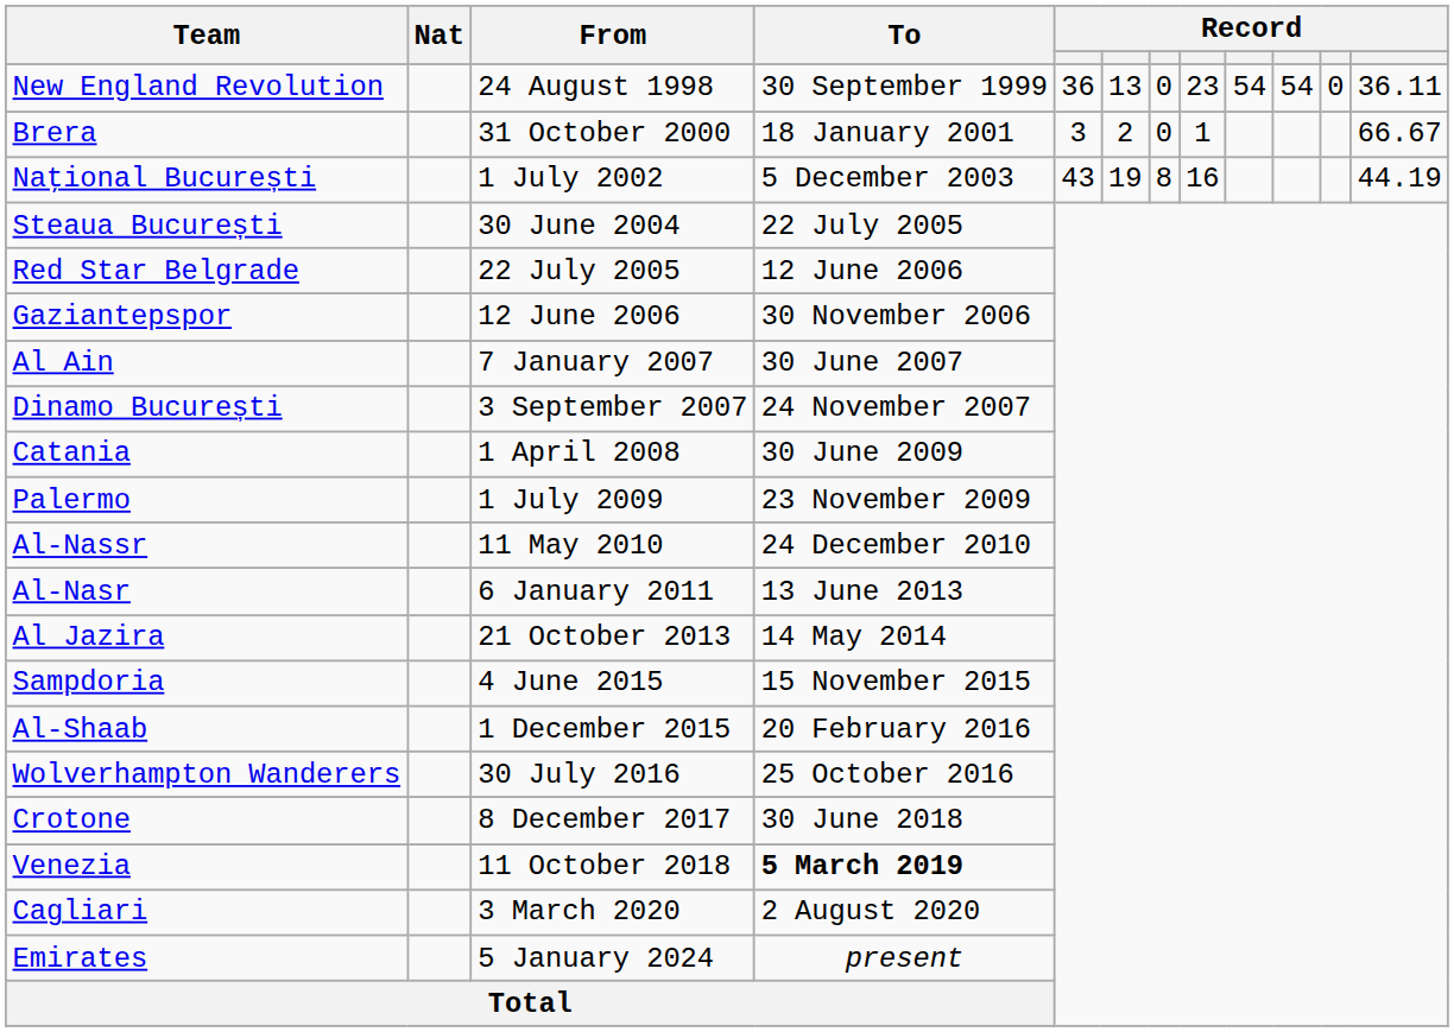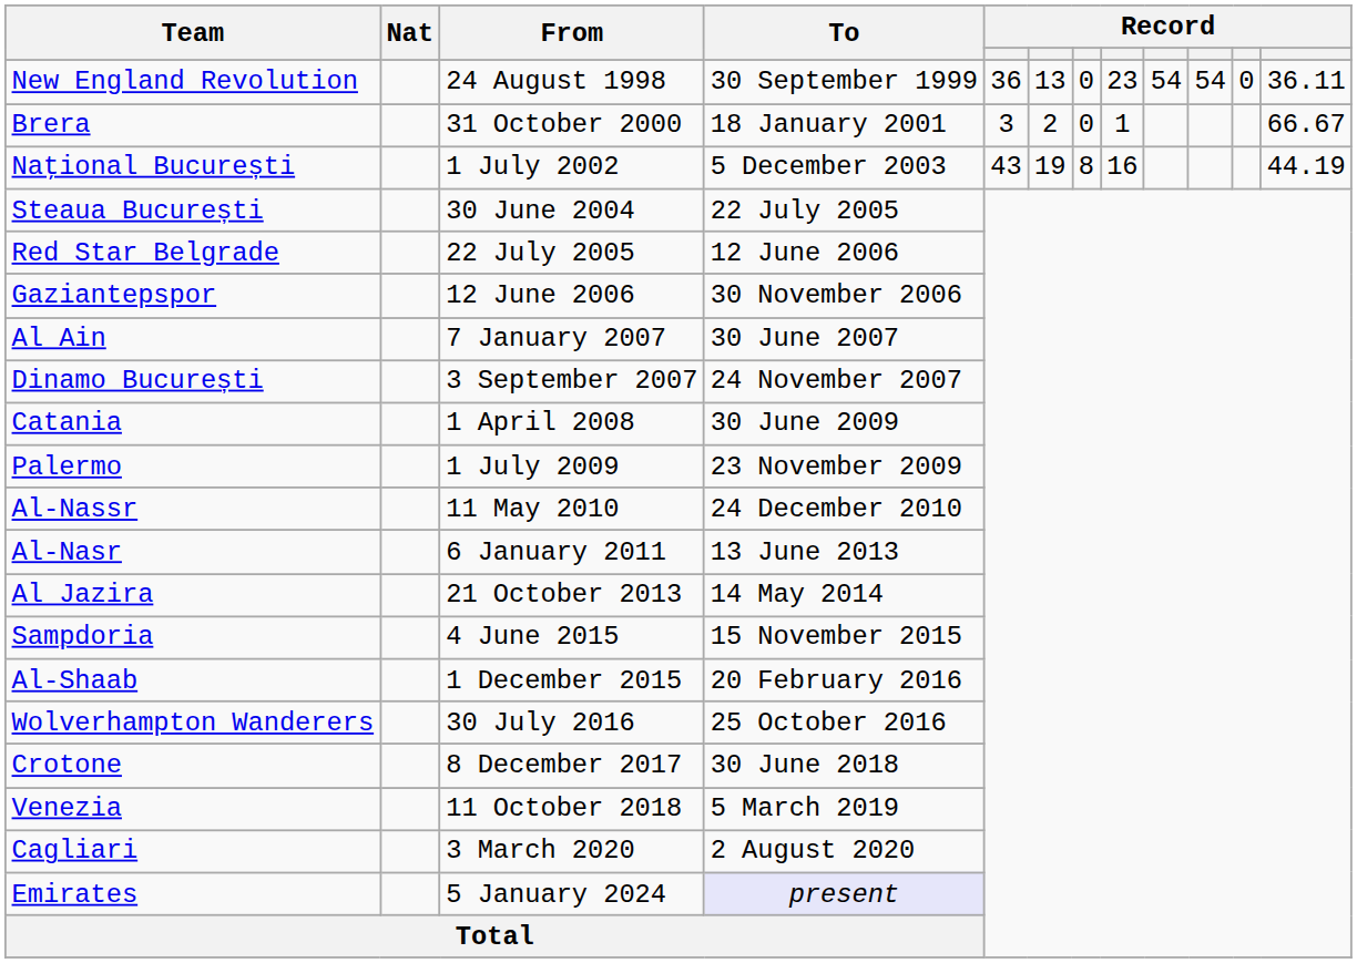 <table class="wikitable" style="text-align:center">
 <tr>
 <th rowspan="2">Team</th>
 <th rowspan="2">Nat</th>
 <th rowspan="2">From</th>
 <th rowspan="2">To</th>
 <th colspan="9">Record</th>
 </tr>
 <tr>
 <th></th>
 <th></th>
 <th></th>
 <th></th>
 <th></th>
 <th></th>
 <th></th>
 <th></th>
 </tr>
 <tr>
 <td align=left><a href='#'>New England Revolution</a></td>
 <td></td>
 <td align=left>24 August 1998</td>
 <td align=left>30 September 1999</td>
 <td>36</td>
 <td>13</td>
 <td>0 </td>
 <td>23</td>
 <td>54</td>
 <td>54</td>
 <td>0</td>
 <td>36.11</td>
 </tr>
 <tr>
 <td align=left><a href='#'>Brera</a></td>
 <td></td>
 <td align=left>31 October 2000</td>
 <td align=left>18 January 2001</td>
 <td>3</td>
 <td>2</td>
 <td>0</td>
 <td>1</td>
 <td></td>
 <td></td>
 <td></td>
 <td>66.67</td>
 </tr>
 <tr>
 <td align=left><a href='#'>Naţional București</a></td>
 <td></td>
 <td align=left>1 July 2002</td>
 <td align=left>5 December 2003</td>
 <td>43</td>
 <td>19</td>
 <td>8</td>
 <td>16</td>
 <td></td>
 <td></td>
 <td></td>
 <td>44.19</td>
 </tr>
 <tr>
 <td align=left><a href='#'>Steaua București</a></td>
 <td></td>
 <td align=left>30 June 2004</td>
 <td align=left>22 July 2005<br></td>
 </tr>
 <tr>
 <td align=left><a href='#'>Red Star Belgrade</a></td>
 <td></td>
 <td align=left>22 July 2005</td>
 <td align=left>12 June 2006<br></td>
 </tr>
 <tr>
 <td align=left><a href='#'>Gaziantepspor</a></td>
 <td></td>
 <td align=left>12 June 2006</td>
 <td align=left>30 November 2006<br></td>
 </tr>
 <tr>
 <td align=left><a href='#'>Al Ain</a></td>
 <td></td>
 <td align=left>7 January 2007</td>
 <td align=left>30 June 2007<br></td>
 </tr>
 <tr>
 <td align=left><a href='#'>Dinamo București</a></td>
 <td></td>
 <td align=left>3 September 2007</td>
 <td align=left>24 November 2007<br></td>
 </tr>
 <tr>
 <td align=left><a href='#'>Catania</a></td>
 <td></td>
 <td align=left>1 April 2008</td>
 <td align=left>30 June 2009<br></td>
 </tr>
 <tr>
 <td align=left><a href='#'>Palermo</a></td>
 <td></td>
 <td align=left>1 July 2009</td>
 <td align=left>23 November 2009<br></td>
 </tr>
 <tr>
 <td align=left><a href='#'>Al-Nassr</a></td>
 <td></td>
 <td align=left>11 May 2010</td>
 <td align=left>24 December 2010<br></td>
 </tr>
 <tr>
 <td align=left><a href='#'>Al-Nasr</a></td>
 <td></td>
 <td align=left>6 January 2011</td>
 <td align=left>13 June 2013<br></td>
 </tr>
 <tr>
 <td align=left><a href='#'>Al Jazira</a></td>
 <td></td>
 <td align=left>21 October 2013</td>
 <td align=left>14 May 2014<br></td>
 </tr>
 <tr>
 <td align=left><a href='#'>Sampdoria</a></td>
 <td></td>
 <td align=left>4 June 2015</td>
 <td align=left>15 November 2015<br></td>
 </tr>
 <tr>
 <td align=left><a href='#'>Al-Shaab</a></td>
 <td></td>
 <td align=left>1 December 2015</td>
 <td align=left>20 February 2016<br></td>
 </tr>
 <tr>
 <td align=left><a href='#'>Wolverhampton Wanderers</a></td>
 <td></td>
 <td align=left>30 July 2016</td>
 <td align=left>25 October 2016<br></td>
 </tr>
 <tr>
 <td align=left><a href='#'>Crotone</a></td>
 <td></td>
 <td align=left>8 December 2017</td>
 <td align=left>30 June 2018<br></td>
 </tr>
 <tr>
 <td align=left><a href='#'>Venezia</a></td>
 <td></td>
 <td align=left>11 October 2018</td>
-<td align=left><strong>5 March 2019<br></strong></td>
+<td align=left>5 March 2019<br></td>
 </tr>
 <tr>
 <td align=left><a href='#'>Cagliari</a></td>
 <td></td>
 <td align=left>3 March 2020</td>
 <td align=left>2 August 2020<br></td>
 </tr>
 <tr>
 <td align=left><a href='#'>Emirates</a></td>
 <td></td>
 <td align=left>5 January 2024</td>
-<td align=center><em>present</em><br></td>
+<td align=center style="background: lavender;"><em>present</em><br></td>
 </tr>
 <tr>
 <th colspan="4">Total<br></th>
 </tr>
 </table>
